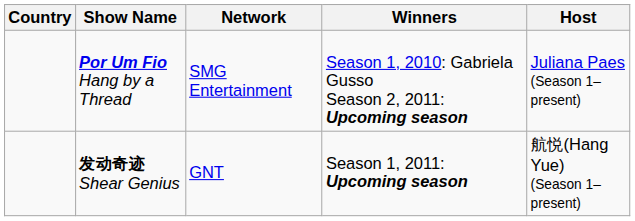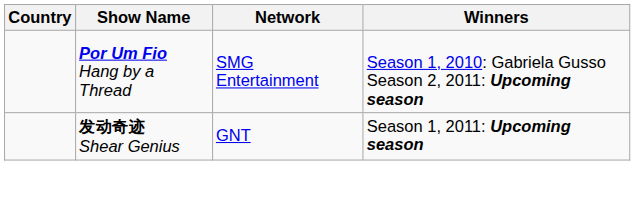 <table class=wikitable>
 <tr>
 <th>Country</th>
 <th>Show Name</th>
 <th>Network</th>
 <th>Winners</th>
-<th>Host</th>
 </tr>
 <tr>
 <td><strong></strong></td>
 <td><strong><em><a href='#'>Por Um Fio</a></em></strong><br><em>Hang by a Thread</em></td>
 <td><a href='#'>SMG Entertainment</a></td>
 <td><br><a href='#'>Season 1, 2010</a>: Gabriela Gusso<br> Season 2, 2011: <strong><em>Upcoming season</em></strong></td>
-<td><a href='#'>Juliana Paes</a><br><small>(Season 1–present)</small></td>
 </tr>
 <tr>
 <td><strong></strong></td>
 <td><strong>发动奇迹</strong><br><em>Shear Genius</em></td>
 <td><a href='#'>GNT</a></td>
 <td>Season 1, 2011: <strong><em>Upcoming season</em></strong></td>
-<td>航悦(Hang Yue)<br><small>(Season 1–present)</small></td>
 </tr>
 </table>
